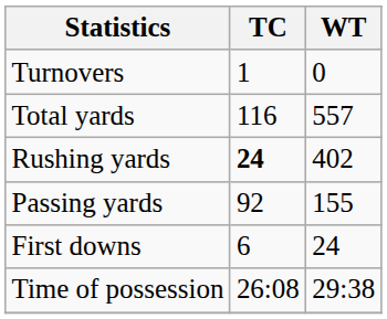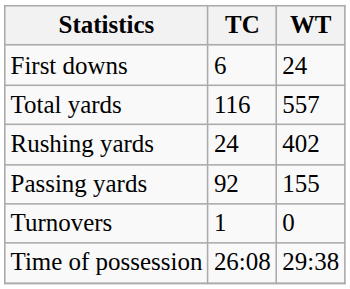 <table class="wikitable" style="float: left;">
 <tr>
 <th>Statistics</th>
 <th>TC</th>
 <th>WT</th>
 </tr>
 <tr>
-<td>Turnovers</td>
-<td>1</td>
-<td>0</td>
+<td>First downs</td>
+<td>6</td>
+<td>24</td>
 </tr>
 <tr>
 <td>Total yards</td>
 <td>116</td>
 <td>557</td>
 </tr>
 <tr>
 <td>Rushing yards</td>
-<td><strong>24</strong></td>
+<td>24</td>
 <td>402</td>
 </tr>
 <tr>
 <td>Passing yards</td>
 <td>92</td>
 <td>155</td>
 </tr>
 <tr>
-<td>First downs</td>
-<td>6</td>
-<td>24</td>
+<td>Turnovers</td>
+<td>1</td>
+<td>0</td>
 </tr>
 <tr>
 <td>Time of possession</td>
 <td>26:08</td>
 <td>29:38</td>
 </tr>
 <tr>
 </tr>
 </table>
